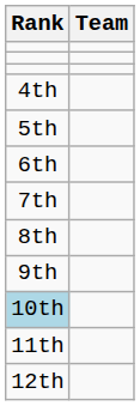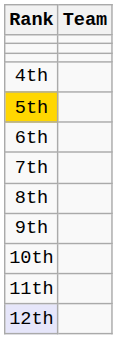 <table class=wikitable style="text-align:center;">
 <tr>
 <th>Rank</th>
 <th>Team</th>
 </tr>
 <tr>
 <td></td>
 <td align=left></td>
 </tr>
 <tr>
 <td></td>
 <td align=left></td>
 </tr>
 <tr>
 <td></td>
 <td align=left></td>
 </tr>
 <tr>
 <td>4th</td>
 <td align=left></td>
 </tr>
 <tr>
-<td>5th</td>
+<td style="background: gold;">5th</td>
 <td align=left></td>
 </tr>
 <tr>
 <td>6th</td>
 <td align=left></td>
 </tr>
 <tr>
 <td>7th</td>
 <td align=left></td>
 </tr>
 <tr>
 <td>8th</td>
 <td align=left></td>
 </tr>
 <tr>
 <td>9th</td>
 <td align=left></td>
 </tr>
 <tr>
-<td style="background: lightblue;">10th</td>
+<td>10th</td>
 <td align=left></td>
 </tr>
 <tr>
 <td>11th</td>
 <td align=left></td>
 </tr>
 <tr>
-<td>12th</td>
+<td style="background: lavender;">12th</td>
 <td align=left></td>
 </tr>
 </table>
